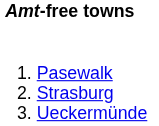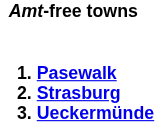 <table>
 <tr>
 <th><em>Amt</em>-free towns</th>
 </tr>
 <tr>
-<td valign=top><br><ol><li><a href='#'>Pasewalk</a></li><li><a href='#'>Strasburg</a></li><li><a href='#'>Ueckermünde</a></li></ol></td>
+<td valign=top><strong><br><ol><li><a href='#'>Pasewalk</a></li><li><a href='#'>Strasburg</a></li><li><a href='#'>Ueckermünde</a></li></ol></strong></td>
 </tr>
 </table>
